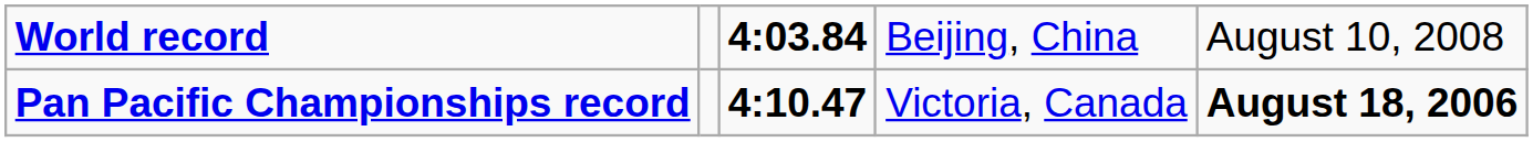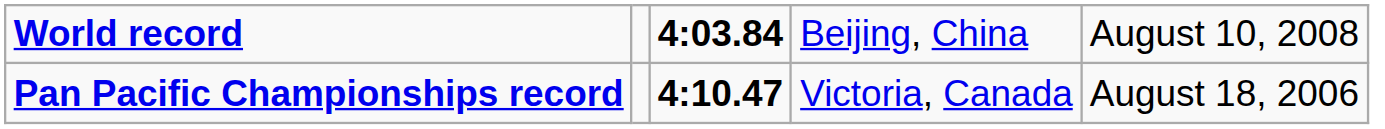 <table class="wikitable">
 <tr>
 <td><strong><a href='#'>World record</a></strong></td>
 <td></td>
 <td><strong>4:03.84</strong></td>
 <td><a href='#'>Beijing</a>, <a href='#'>China</a></td>
 <td>August 10, 2008</td>
 </tr>
 <tr>
 <td><strong><a href='#'>Pan Pacific Championships record</a></strong></td>
 <td></td>
 <td><strong>4:10.47</strong></td>
 <td><a href='#'>Victoria</a>, <a href='#'>Canada</a></td>
-<td><strong>August 18, 2006</strong></td>
+<td>August 18, 2006</td>
 </tr>
 </table>
